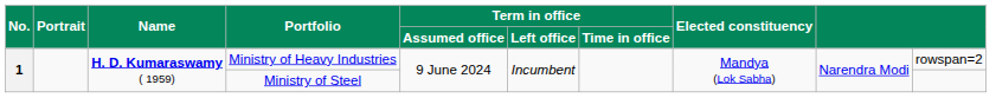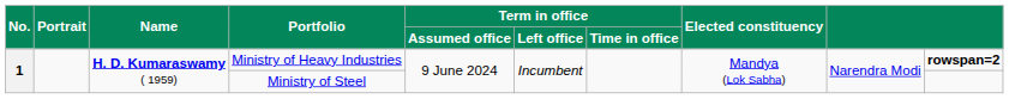 <table class="wikitable sortable" style="text-align:center;">
 <tr>
 <th rowspan=2 style="background-color:#02865A;color:white">No.</th>
 <th rowspan=2 style="background-color:#02865A;color:white">Portrait</th>
 <th rowspan=2 style="background-color:#02865A;color:white">Name<br></th>
 <th rowspan=2 style="background-color:#02865A;color:white">Portfolio</th>
 <th colspan=3 style="background-color:#02865A;color:white">Term in office</th>
 <th rowspan=2 style="background-color:#02865A;color:white">Elected constituency<br></th>
 <th rowspan=2 colspan=2 style="background-color:#02865A;color:white"><a href='#'></a></th>
 </tr>
 <tr>
 <th style="background-color:#02865A;color:white">Assumed office</th>
 <th style="background-color:#02865A;color:white">Left office</th>
 <th style="background-color:#02865A;color:white">Time in office</th>
 </tr>
 <tr>
 <th rowspan=2>1</th>
 <td rowspan=2></td>
 <td rowspan=2><strong><a href='#'>H. D. Kumaraswamy</a></strong><br><small>( 1959)</small></td>
 <td><a href='#'>Ministry of Heavy Industries</a></td>
 <td rowspan=2>9 June 2024</td>
 <td rowspan=2><em>Incumbent</em></td>
 <td rowspan=2></td>
 <td rowspan=2><a href='#'>Mandya</a><br><small>(<a href='#'>Lok Sabha</a>)</small></td>
 <td rowspan=2><a href='#'>Narendra Modi</a></td>
-<td>rowspan=2 </td>
+<td><strong>rowspan=2 </strong></td>
 </tr>
 <tr>
 <td><a href='#'>Ministry of Steel</a></td>
 </tr>
 </table>
